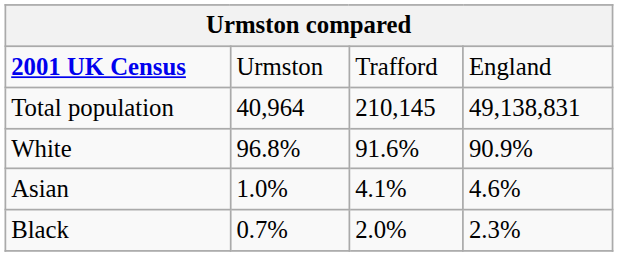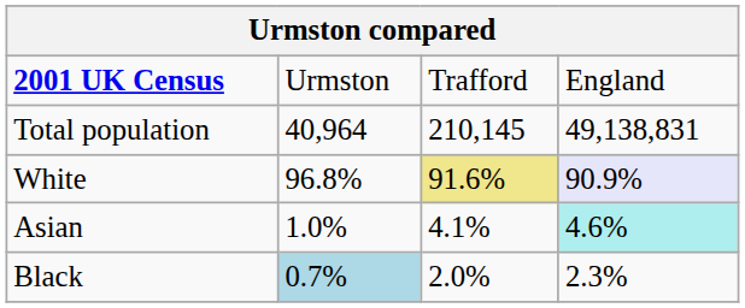 <table class="wikitable" id="toc" style="float: right; margin-left: 2em; width: 40%; font-size: 90%;" cellspacing="3">
 <tr>
 <th colspan="4"><strong>Urmston compared</strong></th>
 </tr>
 <tr>
 <td><strong><a href='#'>2001 UK Census</a></strong></td>
 <td>Urmston</td>
 <td>Trafford</td>
 <td>England</td>
 </tr>
 <tr>
 <td>Total population</td>
 <td>40,964</td>
 <td>210,145</td>
 <td>49,138,831</td>
 </tr>
 <tr>
 <td>White</td>
 <td>96.8%</td>
-<td>91.6%</td>
-<td>90.9%</td>
+<td style="background: khaki;">91.6%</td>
+<td style="background: lavender;">90.9%</td>
 </tr>
 <tr>
 <td>Asian</td>
 <td>1.0%</td>
 <td>4.1%</td>
-<td>4.6%</td>
+<td style="background: paleturquoise;">4.6%</td>
 </tr>
 <tr>
 <td>Black</td>
-<td>0.7%</td>
+<td style="background: lightblue;">0.7%</td>
 <td>2.0%</td>
 <td>2.3%</td>
 </tr>
 </table>
